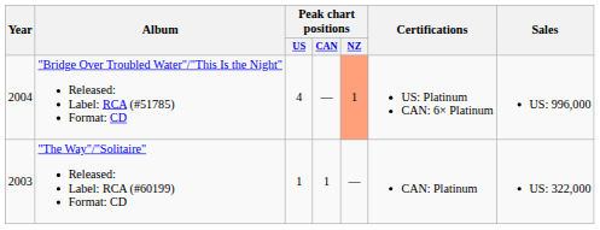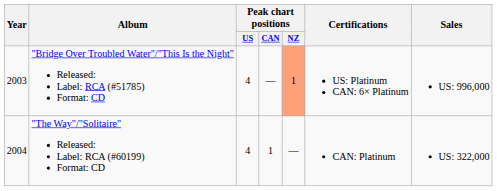 <table class="wikitable">
 <tr>
 <th rowspan="2">Year</th>
 <th rowspan="2">Album</th>
 <th colspan="3">Peak chart positions</th>
 <th rowspan="2">Certifications</th>
 <th rowspan="2">Sales</th>
 </tr>
 <tr style="font-size:smaller;">
 <th width="30"><a href='#'>US</a><br></th>
 <th width="30"><a href='#'>CAN</a><br></th>
 <th width="30"><a href='#'>NZ</a><br></th>
 </tr>
 <tr>
-<td>2004</td>
+<td>2003</td>
 <td><a href='#'>"Bridge Over Troubled Water"/"This Is the Night"</a><br><ul><li>Released: </li><li>Label: <a href='#'>RCA</a> (#51785)</li><li>Format: <a href='#'>CD</a></li></ul></td>
 <td align="center">4</td>
 <td align="center">—</td>
 <td align="center" style="background: lightsalmon;">1</td>
 <td align=left><br><ul><li>US: Platinum</li><li>CAN: 6× Platinum</li></ul></td>
 <td align=left><br><ul><li>US: 996,000</li></ul></td>
 </tr>
 <tr>
-<td>2003</td>
+<td>2004</td>
 <td><a href='#'>"The Way"/"Solitaire"</a><br><ul><li>Released: </li><li>Label: RCA (#60199)</li><li>Format: CD</li></ul></td>
-<td align="center">1</td>
+<td align="center">4</td>
 <td align="center">1</td>
 <td align="center">—</td>
 <td align=left><br><ul><li>CAN: Platinum</li></ul></td>
 <td align=left><br><ul><li>US: 322,000</li></ul></td>
 </tr>
 </table>
